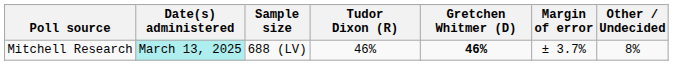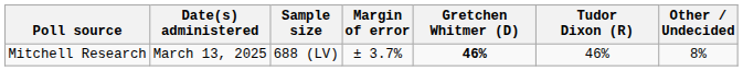 <table class="wikitable" style="font-size:90%;text-align:center;">
 <tr valign=bottom>
 <th>Poll source</th>
 <th>Date(s)<br>administered</th>
 <th>Sample<br>size</th>
+<th>Margin<br>of error</th>
+<th style="width:100px;">Gretchen<br>Whitmer (D)</th>
 <th style="width:100px;">Tudor<br>Dixon (R)</th>
-<th style="width:100px;">Gretchen<br>Whitmer (D)</th>
-<th>Margin<br>of error</th>
 <th>Other /<br>Undecided</th>
 </tr>
 <tr>
 <td style="text-align:left;">Mitchell Research</td>
-<td style="background: paleturquoise;">March 13, 2025</td>
+<td>March 13, 2025</td>
 <td>688 (LV)</td>
+<td>± 3.7%</td>
+<td style="background-color:"><strong>46%</strong></td>
 <td>46%</td>
-<td style="background-color:"><strong>46%</strong></td>
-<td>± 3.7%</td>
 <td>8%</td>
 </tr>
 </table>
